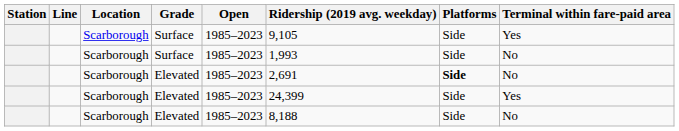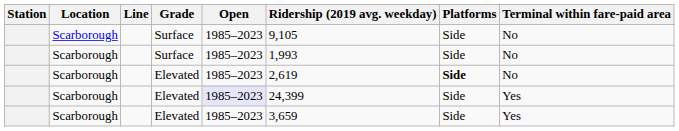 <table class="wikitable plainrowheaders sortable">
 <tr>
 <th scope=col>Station</th>
+<th>Location</th>
 <th scope=col>Line</th>
-<th>Location</th>
 <th scope="col">Grade</th>
 <th scope=col>Open</th>
 <th scope=col>Ridership (2019 avg. weekday)</th>
 <th scope=col>Platforms</th>
 <th scope=col>Terminal within fare-paid area</th>
 </tr>
 <tr>
 <th scope="row"></th>
+<td><a href='#'>Scarborough</a></td>
 <td></td>
-<td><a href='#'>Scarborough</a></td>
 <td>Surface</td>
 <td>1985–2023</td>
 <td>9,105</td>
 <td>Side</td>
-<td>Yes</td>
+<td>No</td>
 </tr>
 <tr>
 <th scope="row"></th>
+<td>Scarborough</td>
 <td></td>
-<td>Scarborough</td>
 <td>Surface</td>
 <td>1985–2023</td>
 <td>1,993</td>
 <td>Side</td>
 <td>No</td>
 </tr>
 <tr>
 <th scope="row"></th>
+<td>Scarborough</td>
 <td></td>
-<td>Scarborough</td>
 <td>Elevated</td>
 <td>1985–2023</td>
-<td>2,691</td>
+<td>2,619</td>
 <td><strong>Side</strong></td>
 <td>No</td>
 </tr>
 <tr>
 <th scope="row"></th>
+<td>Scarborough</td>
 <td></td>
-<td>Scarborough</td>
 <td>Elevated</td>
-<td>1985–2023</td>
+<td style="background: lavender;">1985–2023</td>
 <td>24,399</td>
 <td>Side</td>
 <td>Yes</td>
 </tr>
 <tr>
 <th scope="row"></th>
+<td>Scarborough</td>
 <td></td>
-<td>Scarborough</td>
 <td>Elevated</td>
 <td>1985–2023</td>
-<td>8,188</td>
+<td>3,659</td>
 <td>Side</td>
-<td>No</td>
+<td>Yes</td>
 </tr>
 </table>
